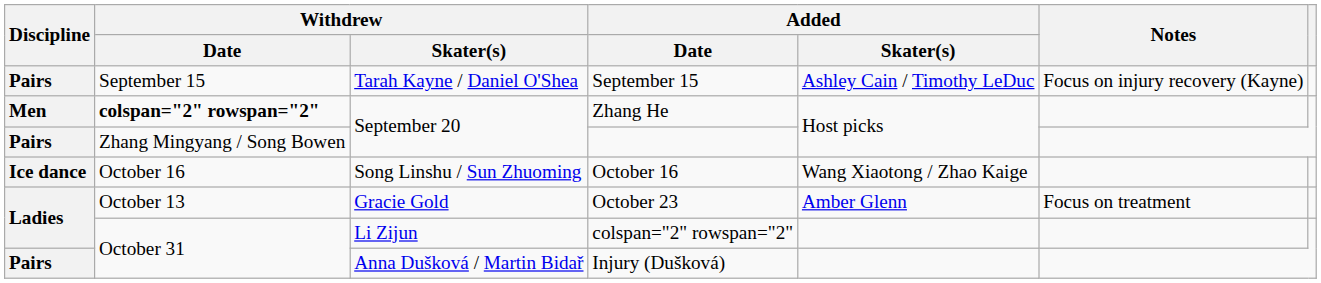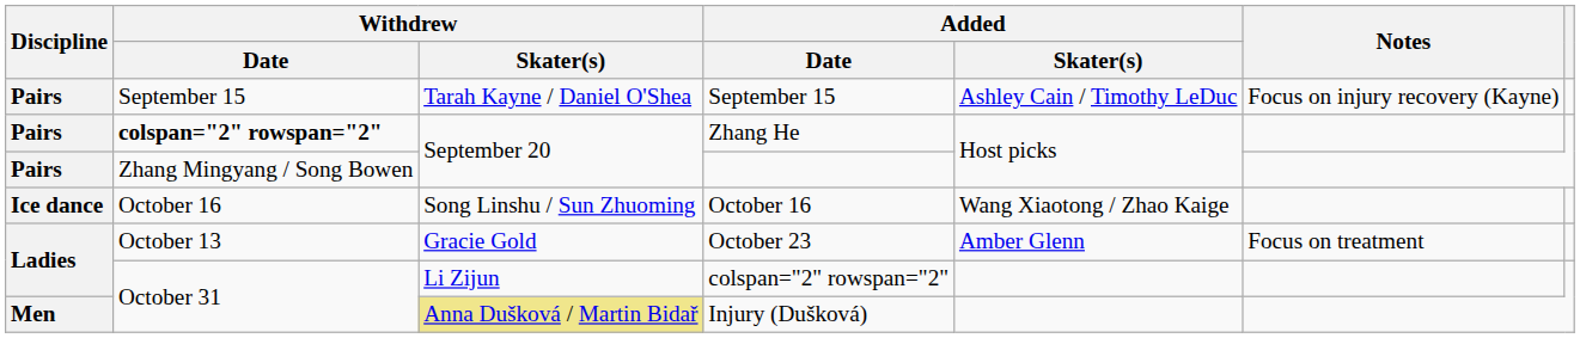 <table class="wikitable unsortable">
 <tr>
 <th scope="col" rowspan=2>Discipline</th>
 <th scope="col" colspan=2>Withdrew</th>
 <th scope="col" colspan=2>Added</th>
 <th scope="col" rowspan=2>Notes</th>
 <th scope="col" rowspan=2></th>
 </tr>
 <tr>
 <th>Date</th>
 <th>Skater(s)</th>
 <th>Date</th>
 <th>Skater(s)</th>
 </tr>
 <tr>
 <th scope="row" style="text-align:left">Pairs</th>
 <td>September 15</td>
 <td> <a href='#'>Tarah Kayne</a> / <a href='#'>Daniel O'Shea</a></td>
 <td>September 15</td>
 <td> <a href='#'>Ashley Cain</a> / <a href='#'>Timothy LeDuc</a></td>
 <td>Focus on injury recovery (Kayne)</td>
 <td></td>
 </tr>
 <tr>
-<th scope="row" style="text-align:left">Men</th>
+<th scope="row" style="text-align:left">Pairs</th>
 <td><strong>colspan="2" rowspan="2" </strong></td>
 <td rowspan="2">September 20</td>
 <td> Zhang He</td>
 <td rowspan="2">Host picks</td>
 <td></td>
 </tr>
 <tr>
 <th scope="row" style="text-align:left">Pairs</th>
 <td> Zhang Mingyang / Song Bowen</td>
 <td></td>
 </tr>
 <tr>
 <th scope="row" style="text-align:left">Ice dance</th>
 <td>October 16</td>
 <td> Song Linshu / <a href='#'>Sun Zhuoming</a></td>
 <td>October 16</td>
 <td> Wang Xiaotong / Zhao Kaige</td>
 <td></td>
 <td></td>
 </tr>
 <tr>
 <th scope="row" style="text-align:left" rowspan="2">Ladies</th>
 <td>October 13</td>
 <td> <a href='#'>Gracie Gold</a></td>
 <td>October 23</td>
 <td> <a href='#'>Amber Glenn</a></td>
 <td>Focus on treatment</td>
 <td></td>
 </tr>
 <tr>
 <td rowspan="2">October 31</td>
 <td> <a href='#'>Li Zijun</a></td>
 <td>colspan="2" rowspan="2" </td>
 <td></td>
 <td></td>
 </tr>
 <tr>
-<th scope="row" style="text-align:left">Pairs</th>
-<td> <a href='#'>Anna Dušková</a> / <a href='#'>Martin Bidař</a></td>
+<th scope="row" style="text-align:left">Men</th>
+<td style="background: khaki;"> <a href='#'>Anna Dušková</a> / <a href='#'>Martin Bidař</a></td>
 <td>Injury (Dušková)</td>
 <td></td>
 </tr>
 </table>
